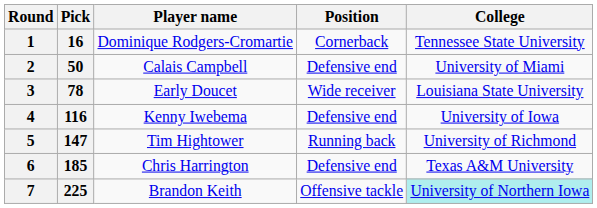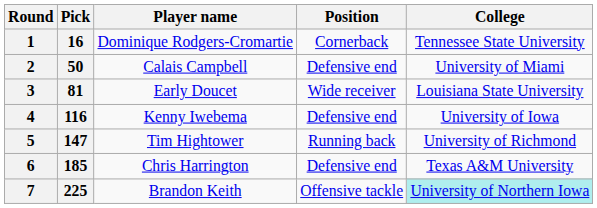 <table class="wikitable" style="text-align:center;">
 <tr>
 <th>Round</th>
 <th>Pick</th>
 <th>Player name</th>
 <th>Position</th>
 <th>College</th>
 </tr>
 <tr>
 <th>1</th>
 <th>16</th>
 <td><a href='#'>Dominique Rodgers-Cromartie</a></td>
 <td><a href='#'>Cornerback</a></td>
 <td><a href='#'>Tennessee State University</a></td>
 </tr>
 <tr>
 <th>2</th>
 <th>50</th>
 <td><a href='#'>Calais Campbell</a></td>
 <td><a href='#'>Defensive end</a></td>
 <td><a href='#'>University of Miami</a></td>
 </tr>
 <tr>
 <th>3</th>
-<th>78</th>
+<th>81</th>
 <td><a href='#'>Early Doucet</a></td>
 <td><a href='#'>Wide receiver</a></td>
 <td><a href='#'>Louisiana State University</a></td>
 </tr>
 <tr>
 <th>4</th>
 <th>116</th>
 <td><a href='#'>Kenny Iwebema</a></td>
 <td><a href='#'>Defensive end</a></td>
 <td><a href='#'>University of Iowa</a></td>
 </tr>
 <tr>
 <th>5</th>
 <th>147</th>
 <td><a href='#'>Tim Hightower</a></td>
 <td><a href='#'>Running back</a></td>
 <td><a href='#'>University of Richmond</a></td>
 </tr>
 <tr>
 <th>6</th>
 <th>185</th>
 <td><a href='#'>Chris Harrington</a></td>
 <td><a href='#'>Defensive end</a></td>
 <td><a href='#'>Texas A&M University</a></td>
 </tr>
 <tr>
 <th>7</th>
 <th>225</th>
 <td><a href='#'>Brandon Keith</a></td>
 <td><a href='#'>Offensive tackle</a></td>
 <td style="background: paleturquoise;"><a href='#'>University of Northern Iowa</a></td>
 </tr>
 </table>
